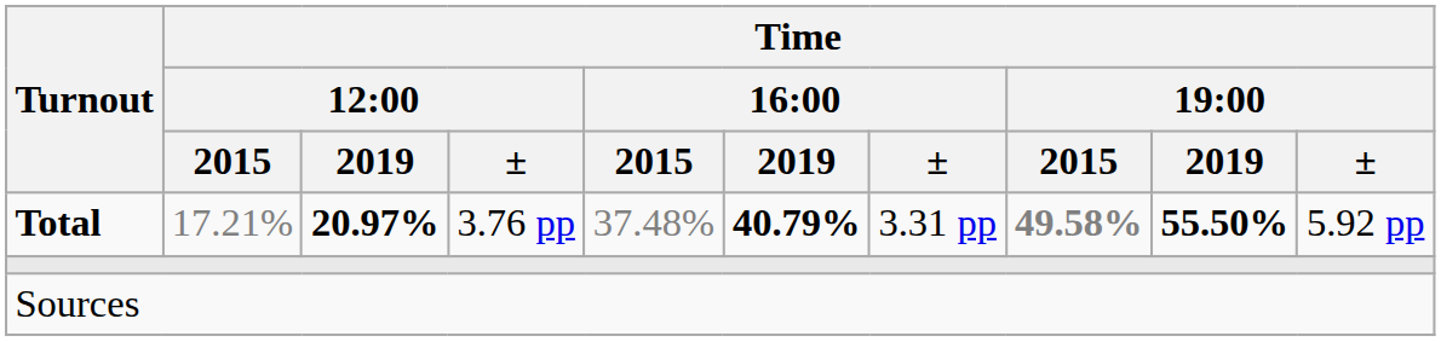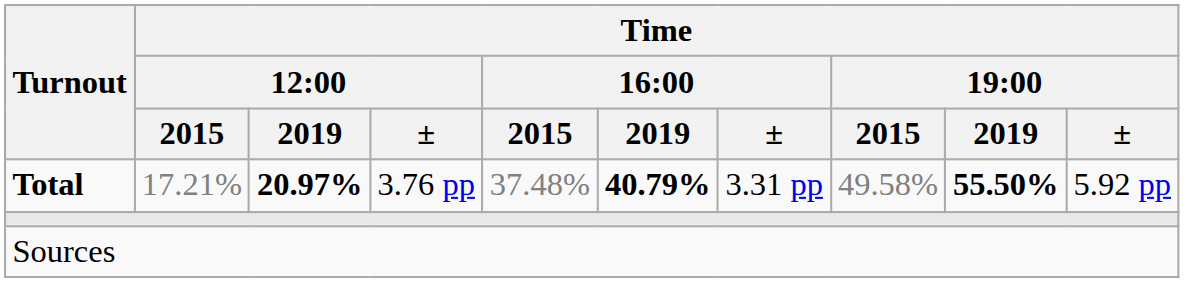 <table class="wikitable sortable" style="text-align:right;">
 <tr>
 <th rowspan="3">Turnout</th>
 <th colspan="9">Time</th>
 </tr>
 <tr>
 <th colspan="3">12:00</th>
 <th colspan="3">16:00</th>
 <th colspan="3">19:00</th>
 </tr>
 <tr>
 <th>2015</th>
 <th>2019</th>
 <th>±</th>
 <th>2015</th>
 <th>2019</th>
 <th>±</th>
 <th>2015</th>
 <th>2019</th>
 <th>±</th>
 </tr>
 <tr>
 <td align="left"><strong>Total</strong></td>
 <td style="color:gray;">17.21%</td>
 <td><strong>20.97%</strong></td>
 <td> 3.76 <a href='#'>pp</a></td>
 <td style="color:gray;">37.48%</td>
 <td><strong>40.79%</strong></td>
 <td> 3.31 <a href='#'>pp</a></td>
-<td style="color:gray;"><strong>49.58%</strong></td>
+<td style="color:gray;">49.58%</td>
 <td><strong>55.50%</strong></td>
 <td> 5.92 <a href='#'>pp</a></td>
 </tr>
 <tr>
 <td colspan="10" bgcolor="#E9E9E9"></td>
 </tr>
 <tr>
 <td align="left" colspan="10">Sources</td>
 </tr>
 </table>
